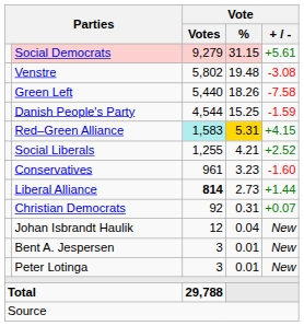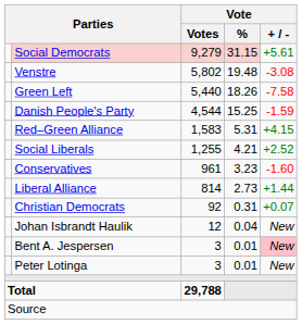 <table class="wikitable" style="text-align:right;">
 <tr>
 <th style="text-align:centre;" rowspan="2" colspan="2" width="225">Parties</th>
 <th colspan="3">Vote</th>
 </tr>
 <tr>
 <th width="15">Votes</th>
 <th width="15">%</th>
 <th width="15">+ / -</th>
 </tr>
 <tr>
 <td width="2" style="color:inherit;background:"></td>
 <td bgcolor=#fbd0ce  align="left"><a href='#'>Social Democrats</a></td>
 <td bgcolor=#fbd0ce>9,279</td>
 <td bgcolor=#fbd0ce>31.15</td>
 <td style=color:green;>+5.61</td>
 </tr>
 <tr>
 <td width="2" style="color:inherit;background:"></td>
 <td align="left"><a href='#'>Venstre</a></td>
 <td>5,802</td>
 <td>19.48</td>
 <td style=color:red;>-3.08</td>
 </tr>
 <tr>
 <td width="2" style="color:inherit;background:"></td>
 <td align="left"><a href='#'>Green Left</a></td>
 <td>5,440</td>
 <td>18.26</td>
 <td style=color:red;>-7.58</td>
 </tr>
 <tr>
 <td width="2" style="color:inherit;background:"></td>
 <td align="left"><a href='#'>Danish People's Party</a></td>
 <td>4,544</td>
 <td>15.25</td>
 <td style=color:red;>-1.59</td>
 </tr>
 <tr>
 <td width="2" style="color:inherit;background:"></td>
 <td align="left"><a href='#'>Red–Green Alliance</a></td>
-<td style="background: paleturquoise;">1,583</td>
-<td style="background: gold;">5.31</td>
+<td>1,583</td>
+<td>5.31</td>
 <td style=color:green;>+4.15</td>
 </tr>
 <tr>
 <td width="2" style="color:inherit;background:"></td>
 <td align="left"><a href='#'>Social Liberals</a></td>
 <td>1,255</td>
 <td>4.21</td>
 <td style=color:green;>+2.52</td>
 </tr>
 <tr>
 <td width="2" style="color:inherit;background:"></td>
 <td align="left"><a href='#'>Conservatives</a></td>
 <td>961</td>
 <td>3.23</td>
 <td style=color:red;>-1.60</td>
 </tr>
 <tr>
 <td width="2" style="color:inherit;background:"></td>
 <td align="left"><a href='#'>Liberal Alliance</a></td>
-<td><strong>814</strong></td>
+<td>814</td>
 <td>2.73</td>
 <td style=color:green;>+1.44</td>
 </tr>
 <tr>
 <td width="2" style="color:inherit;background:"></td>
 <td align="left"><a href='#'>Christian Democrats</a></td>
 <td>92</td>
 <td>0.31</td>
 <td style=color:green;>+0.07</td>
 </tr>
 <tr>
 <td width="2" style="color:inherit;background:"></td>
 <td align="left">Johan Isbrandt Haulik</td>
 <td>12</td>
 <td>0.04</td>
 <td><em>New</em></td>
 </tr>
 <tr>
 <td width="2" style="color:inherit;background:"></td>
 <td align="left">Bent A. Jespersen</td>
 <td>3</td>
 <td>0.01</td>
-<td><em>New</em></td>
+<td style="background: pink;"><em>New</em></td>
 </tr>
 <tr>
 <td width="2" style="color:inherit;background:"></td>
 <td align="left">Peter Lotinga</td>
 <td>3</td>
 <td>0.01</td>
 <td><em>New</em></td>
 </tr>
 <tr>
 <td colspan="7" bgcolor="#E9E9E9"></td>
 </tr>
 <tr>
 <td align="left" colspan="2"><strong>Total</strong></td>
 <td><strong>29,788</strong></td>
 <td bgcolor="#E9E9E9" colspan="2"></td>
 </tr>
 <tr>
 <td align="left" colspan="6">Source</td>
 </tr>
 </table>
